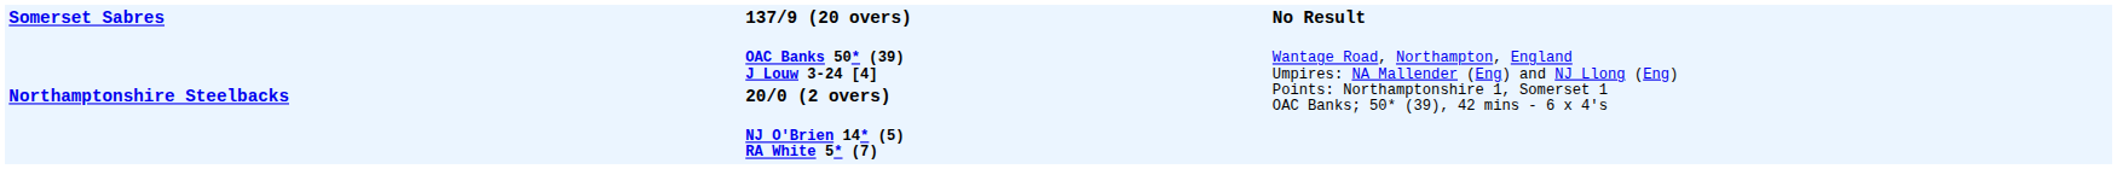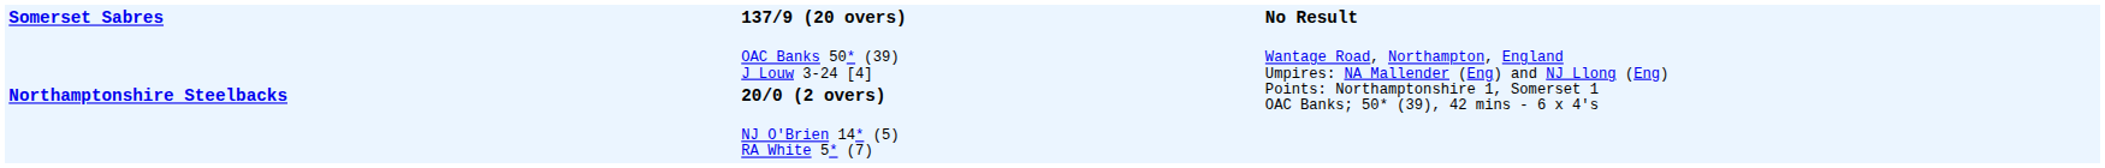 <table style="width:100%; background:#ebf5ff;">
 <tr>
 <td style="width:35%; vertical-align:top;" rowspan="2"><strong><a href='#'>Somerset Sabres</a></strong></td>
 <td style="width:25%;"><strong>137/9 (20 overs)</strong></td>
 <td style="width:40%;"><strong>No Result</strong></td>
 </tr>
 <tr>
-<td style="font-size: 85%;"><strong><br><a href='#'>OAC Banks</a> 50<a href='#'>*</a> (39)<br> <a href='#'>J Louw</a> 3-24 [4]</strong></td>
+<td style="font-size: 85%;"><br><a href='#'>OAC Banks</a> 50<a href='#'>*</a> (39)<br> <a href='#'>J Louw</a> 3-24 [4]</td>
 <td style="vertical-align:top; font-size:85%;" rowspan="3"><br><a href='#'>Wantage Road</a>, <a href='#'>Northampton</a>, <a href='#'>England</a><br> Umpires: <a href='#'>NA Mallender</a> (<a href='#'>Eng</a>) and <a href='#'>NJ Llong</a> (<a href='#'>Eng</a>)<br> Points: Northamptonshire 1, Somerset 1<br>OAC Banks; 50* (39), 42 mins - 6 x 4's</td>
 </tr>
 <tr>
 <td style="vertical-align:top;" rowspan="2"><strong><a href='#'>Northamptonshire Steelbacks</a></strong></td>
 <td><strong>20/0 (2 overs)</strong></td>
 </tr>
 <tr>
-<td style="font-size: 85%;"><strong><br><a href='#'>NJ O'Brien</a> 14<a href='#'>*</a> (5)<br> <a href='#'>RA White</a> 5<a href='#'>*</a> (7)<br></strong></td>
+<td style="font-size: 85%;"><br><a href='#'>NJ O'Brien</a> 14<a href='#'>*</a> (5)<br> <a href='#'>RA White</a> 5<a href='#'>*</a> (7)<br></td>
 </tr>
 </table>
